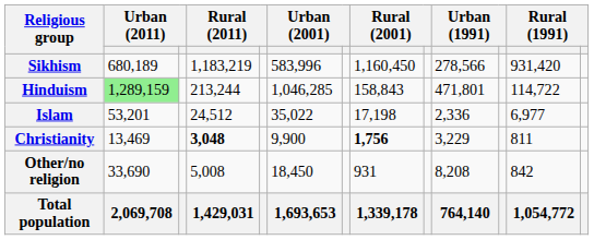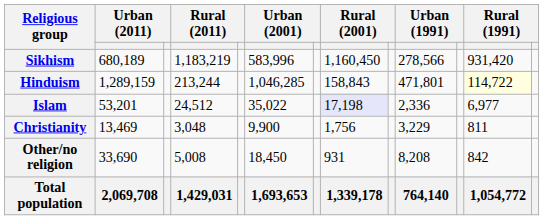 <table class="wikitable sortable">
 <tr>
 <th rowspan="2"><a href='#'>Religious</a><br>group</th>
 <th colspan="2">Urban (2011)</th>
 <th colspan="2">Rural (2011)</th>
 <th colspan="2">Urban (2001)</th>
 <th colspan="2">Rural (2001)</th>
 <th colspan="2">Urban (1991)</th>
 <th colspan="2">Rural (1991)</th>
 </tr>
 <tr>
 <th><a href='#'></a></th>
 <th></th>
 <th></th>
 <th></th>
 <th></th>
 <th></th>
 <th></th>
 <th></th>
 <th></th>
 <th></th>
 <th></th>
 <th></th>
 </tr>
 <tr>
 <th><a href='#'>Sikhism</a> </th>
 <td>680,189</td>
 <td></td>
 <td>1,183,219</td>
 <td></td>
 <td>583,996</td>
 <td></td>
 <td>1,160,450</td>
 <td></td>
 <td>278,566</td>
 <td></td>
 <td>931,420</td>
 <td></td>
 </tr>
 <tr>
 <th><a href='#'>Hinduism</a> </th>
-<td style="background: lightgreen;">1,289,159</td>
+<td>1,289,159</td>
 <td></td>
 <td>213,244</td>
 <td></td>
 <td>1,046,285</td>
 <td></td>
 <td>158,843</td>
 <td></td>
 <td>471,801</td>
 <td></td>
-<td>114,722</td>
+<td style="background: lightyellow;">114,722</td>
 <td></td>
 </tr>
 <tr>
 <th><a href='#'>Islam</a> </th>
 <td>53,201</td>
 <td></td>
 <td>24,512</td>
 <td></td>
 <td>35,022</td>
 <td></td>
-<td>17,198</td>
+<td style="background: lavender;">17,198</td>
 <td></td>
 <td>2,336</td>
 <td></td>
 <td>6,977</td>
 <td></td>
 </tr>
 <tr>
 <th><a href='#'>Christianity</a> </th>
 <td>13,469</td>
 <td></td>
-<td><strong>3,048</strong></td>
+<td>3,048</td>
 <td></td>
 <td>9,900</td>
 <td></td>
-<td><strong>1,756</strong></td>
+<td>1,756</td>
 <td></td>
 <td>3,229</td>
 <td></td>
 <td>811</td>
 <td></td>
 </tr>
 <tr>
 <th>Other/no religion</th>
 <td>33,690</td>
 <td></td>
 <td>5,008</td>
 <td></td>
 <td>18,450</td>
 <td></td>
 <td>931</td>
 <td></td>
 <td>8,208</td>
 <td></td>
 <td>842</td>
 <td></td>
 </tr>
 <tr>
 <th>Total population</th>
 <th>2,069,708</th>
 <th></th>
 <th>1,429,031</th>
 <th></th>
 <th>1,693,653</th>
 <th></th>
 <th>1,339,178</th>
 <th></th>
 <th>764,140</th>
 <th></th>
 <th>1,054,772</th>
 <th></th>
 </tr>
 </table>
